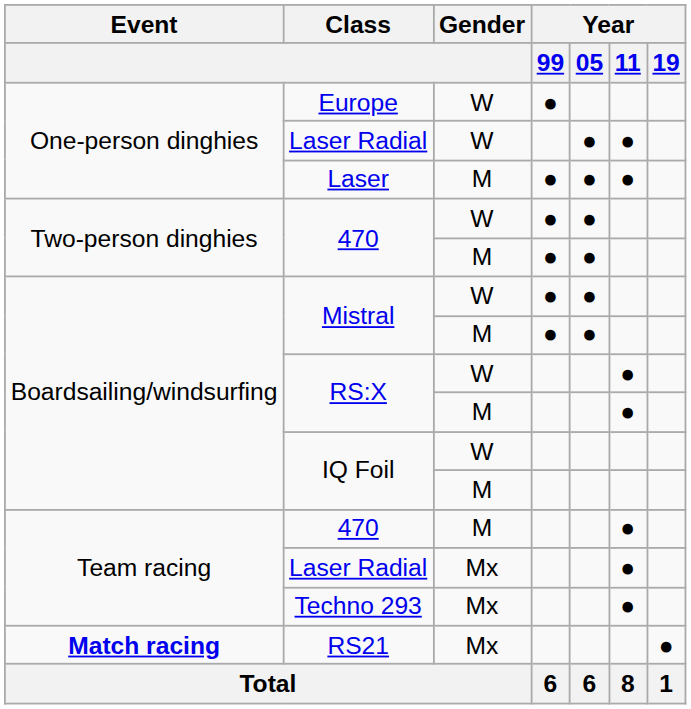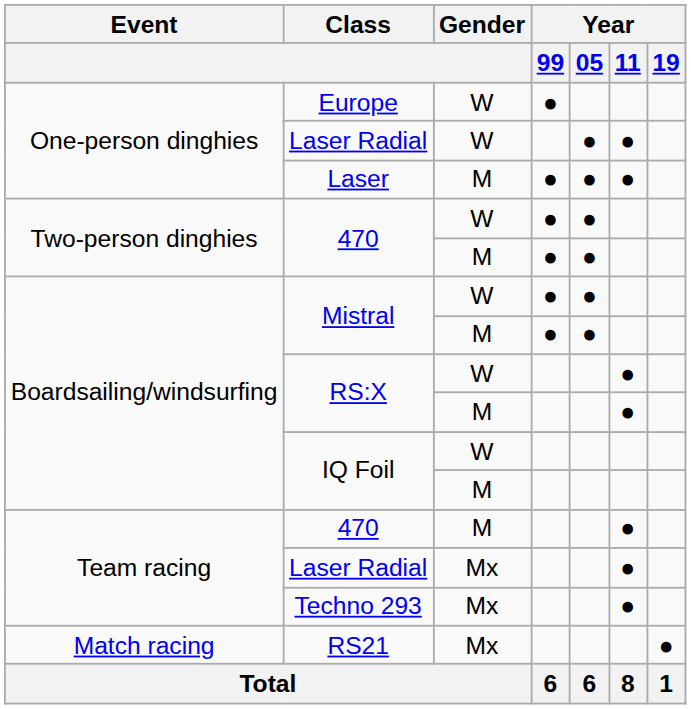 <table class=wikitable style="font-size:85%; text-align:center">
 <tr>
 <th>Event</th>
 <th>Class</th>
 <th>Gender</th>
 <th colspan=4>Year</th>
 </tr>
 <tr>
 <th colspan=3></th>
 <th><a href='#'>99</a></th>
 <th><a href='#'>05</a></th>
 <th><a href='#'>11</a></th>
 <th><a href='#'>19</a></th>
 </tr>
 <tr>
 <td rowspan=3>One-person dinghies</td>
 <td><a href='#'>Europe</a></td>
 <td>W</td>
 <td>●</td>
 <td></td>
 <td></td>
 <td></td>
 </tr>
 <tr>
 <td><a href='#'>Laser Radial</a></td>
 <td>W</td>
 <td></td>
 <td>●</td>
 <td>●</td>
 <td></td>
 </tr>
 <tr>
 <td><a href='#'>Laser</a></td>
 <td>M</td>
 <td>●</td>
 <td>●</td>
 <td>●</td>
 <td></td>
 </tr>
 <tr>
 <td rowspan=2>Two-person dinghies</td>
 <td rowspan=2><a href='#'>470</a></td>
 <td>W</td>
 <td>●</td>
 <td>●</td>
 <td></td>
 <td></td>
 </tr>
 <tr>
 <td>M</td>
 <td>●</td>
 <td>●</td>
 <td></td>
 <td></td>
 </tr>
 <tr>
 <td rowspan=6>Boardsailing/windsurfing</td>
 <td rowspan=2><a href='#'>Mistral</a></td>
 <td>W</td>
 <td>●</td>
 <td>●</td>
 <td></td>
 <td></td>
 </tr>
 <tr>
 <td>M</td>
 <td>●</td>
 <td>●</td>
 <td></td>
 <td></td>
 </tr>
 <tr>
 <td rowspan=2><a href='#'>RS:X</a></td>
 <td>W</td>
 <td></td>
 <td></td>
 <td>●</td>
 <td></td>
 </tr>
 <tr>
 <td>M</td>
 <td></td>
 <td></td>
 <td>●</td>
 <td></td>
 </tr>
 <tr>
 <td rowspan=2>IQ Foil</td>
 <td>W</td>
 <td></td>
 <td></td>
 <td></td>
 <td></td>
 </tr>
 <tr>
 <td>M</td>
 <td></td>
 <td></td>
 <td></td>
 <td></td>
 </tr>
 <tr>
 <td rowspan=3>Team racing</td>
 <td><a href='#'>470</a></td>
 <td>M</td>
 <td></td>
 <td></td>
 <td>●</td>
 <td></td>
 </tr>
 <tr>
 <td><a href='#'>Laser Radial</a></td>
 <td>Mx</td>
 <td></td>
 <td></td>
 <td>●</td>
 <td></td>
 </tr>
 <tr>
 <td><a href='#'>Techno 293</a></td>
 <td>Mx</td>
 <td></td>
 <td></td>
 <td>●</td>
 <td></td>
 </tr>
 <tr>
-<td><strong><a href='#'>Match racing</a></strong></td>
+<td><a href='#'>Match racing</a></td>
 <td><a href='#'>RS21</a></td>
 <td>Mx</td>
 <td></td>
 <td></td>
 <td></td>
 <td>●</td>
 </tr>
 <tr>
 <th colspan=3>Total</th>
 <th>6</th>
 <th>6</th>
 <th>8</th>
 <th>1</th>
 </tr>
 </table>
